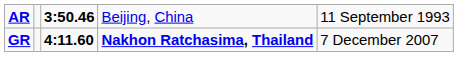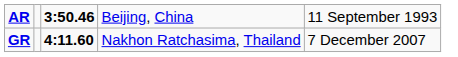 <table class="wikitable" style="font-size:95%; position:relative;">
 <tr>
 <td align=center><strong><a href='#'>AR</a></strong></td>
 <td></td>
 <td><strong>3:50.46</strong></td>
 <td><a href='#'>Beijing</a>, <a href='#'>China</a></td>
 <td>11 September 1993</td>
 </tr>
 <tr>
 <td align=center><strong><a href='#'>GR</a></strong></td>
 <td></td>
 <td><strong>4:11.60</strong></td>
-<td><strong><a href='#'>Nakhon Ratchasima</a>, <a href='#'>Thailand</a></strong></td>
+<td><a href='#'>Nakhon Ratchasima</a>, <a href='#'>Thailand</a></td>
 <td>7 December 2007</td>
 </tr>
 </table>
